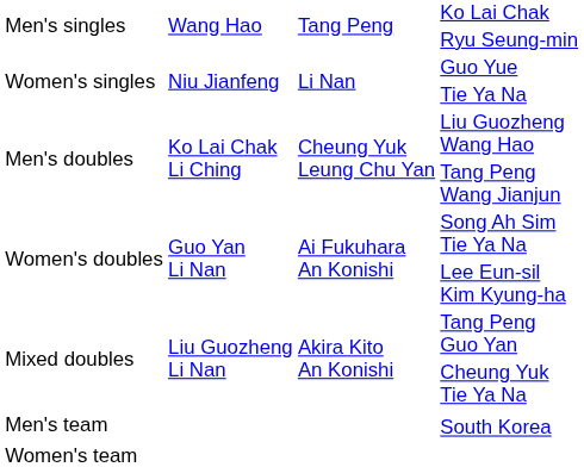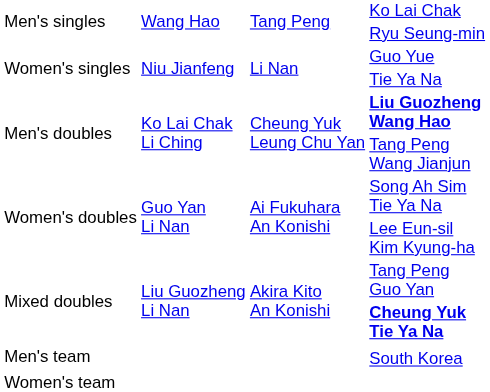 <table>
 <tr>
 <td rowspan=2>Men's singles <br></td>
 <td rowspan=2> <a href='#'>Wang Hao</a></td>
 <td rowspan=2> <a href='#'>Tang Peng</a></td>
 <td> <a href='#'>Ko Lai Chak</a></td>
 </tr>
 <tr>
 <td> <a href='#'>Ryu Seung-min</a></td>
 </tr>
 <tr>
 <td rowspan=2>Women's singles <br></td>
 <td rowspan=2> <a href='#'>Niu Jianfeng</a></td>
 <td rowspan=2> <a href='#'>Li Nan</a></td>
 <td> <a href='#'>Guo Yue</a></td>
 </tr>
 <tr>
 <td> <a href='#'>Tie Ya Na</a></td>
 </tr>
 <tr>
 <td rowspan=2>Men's doubles <br></td>
 <td rowspan=2> <a href='#'>Ko Lai Chak</a><br> <a href='#'>Li Ching</a></td>
 <td rowspan=2> <a href='#'>Cheung Yuk</a><br> <a href='#'>Leung Chu Yan</a></td>
-<td> <a href='#'>Liu Guozheng</a><br> <a href='#'>Wang Hao</a></td>
+<td><strong> <a href='#'>Liu Guozheng</a><br> <a href='#'>Wang Hao</a></strong></td>
 </tr>
 <tr>
 <td> <a href='#'>Tang Peng</a><br> <a href='#'>Wang Jianjun</a></td>
 </tr>
 <tr>
 <td rowspan=2>Women's doubles <br></td>
 <td rowspan=2> <a href='#'>Guo Yan</a><br> <a href='#'>Li Nan</a></td>
 <td rowspan=2> <a href='#'>Ai Fukuhara</a><br> <a href='#'>An Konishi</a></td>
 <td> <a href='#'>Song Ah Sim</a><br>  <a href='#'>Tie Ya Na</a></td>
 </tr>
 <tr>
 <td> <a href='#'>Lee Eun-sil</a><br> <a href='#'>Kim Kyung-ha</a></td>
 </tr>
 <tr>
 <td rowspan=2>Mixed doubles <br></td>
 <td rowspan=2> <a href='#'>Liu Guozheng</a><br> <a href='#'>Li Nan</a></td>
 <td rowspan=2> <a href='#'>Akira Kito</a><br> <a href='#'>An Konishi</a></td>
 <td> <a href='#'>Tang Peng</a><br> <a href='#'>Guo Yan</a></td>
 </tr>
 <tr>
-<td> <a href='#'>Cheung Yuk</a><br> <a href='#'>Tie Ya Na</a></td>
+<td><strong> <a href='#'>Cheung Yuk</a><br> <a href='#'>Tie Ya Na</a></strong></td>
 </tr>
 <tr>
 <td rowspan=2>Men's team <br></td>
 <td rowspan=2></td>
 <td rowspan=2></td>
 <td></td>
 </tr>
 <tr>
 <td> <a href='#'>South Korea</a></td>
 </tr>
 <tr>
 <td rowspan=2>Women's team <br></td>
 <td rowspan=2></td>
 <td rowspan=2></td>
 <td></td>
 </tr>
 <tr>
 <td></td>
 </tr>
 </table>
